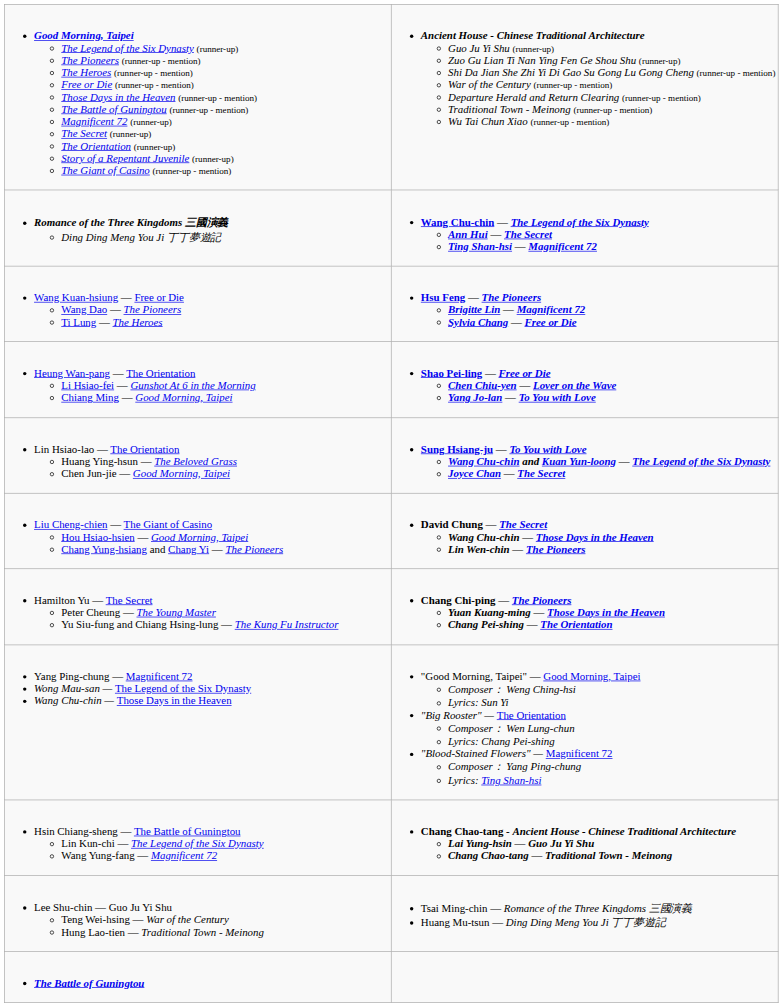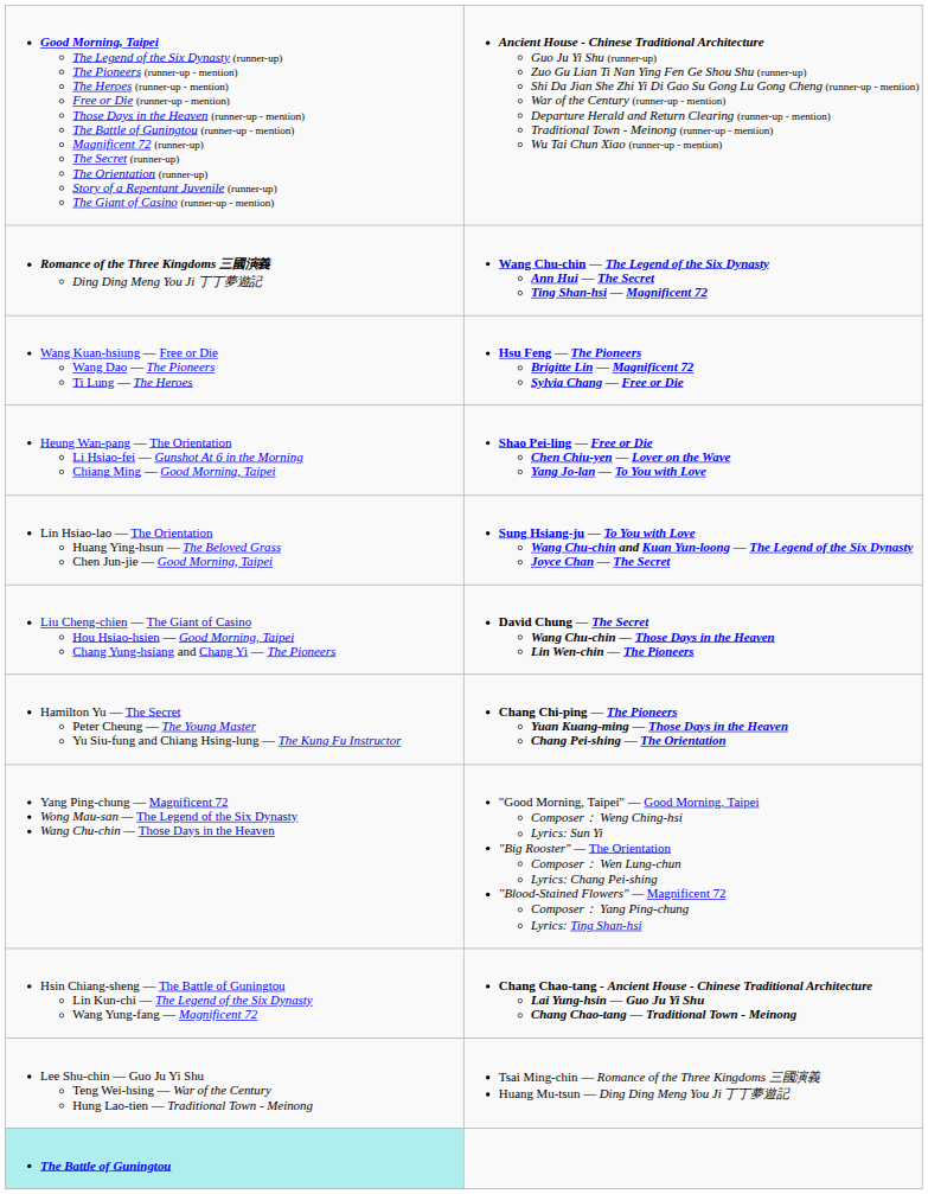 <table class=wikitable>
 <tr>
 <td valign="top" width="50%"><br><ul><li><strong><em><a href='#'>Good Morning, Taipei</a></em></strong><ul><li><em><a href='#'>The Legend of the Six Dynasty</a></em> <small>(runner-up)</small></li><li><em><a href='#'>The Pioneers</a></em> <small>(runner-up - mention)</small></li><li><em><a href='#'>The Heroes</a></em> <small>(runner-up - mention)</small></li><li><em><a href='#'>Free or Die</a></em> <small>(runner-up - mention)</small></li><li><em><a href='#'>Those Days in the Heaven</a></em> <small>(runner-up  - mention)</small></li><li><em><a href='#'>The Battle of Guningtou</a></em> <small>(runner-up  - mention)</small></li><li><em><a href='#'>Magnificent 72</a></em> <small>(runner-up)</small></li><li><em><a href='#'>The Secret</a></em> <small>(runner-up)</small></li><li><em><a href='#'>The Orientation</a></em> <small>(runner-up)</small></li><li><em><a href='#'>Story of a Repentant Juvenile</a></em> <small>(runner-up)</small></li><li><em><a href='#'>The Giant of Casino</a></em> <small>(runner-up - mention)</small></li></ul></li></ul></td>
 <td valign="top" width="50%"><br><ul><li><strong><em>Ancient House - Chinese Traditional Architecture</em></strong><ul><li><em>Guo Ju Yi Shu</em> <small>(runner-up)</small></li><li><em>Zuo Gu Lian Ti Nan Ying Fen Ge Shou Shu</em> <small>(runner-up)</small></li><li><em>Shi Da Jian She Zhi Yi Di Gao Su Gong Lu Gong Cheng</em> <small>(runner-up - mention)</small></li><li><em>War of the Century</em> <small>(runner-up - mention)</small></li><li><em>Departure Herald and Return Clearing</em> <small>(runner-up - mention)</small></li><li><em>Traditional Town - Meinong</em> <small>(runner-up - mention)</small></li><li><em>Wu Tai Chun Xiao</em> <small>(runner-up - mention)</small></li></ul></li></ul></td>
 </tr>
 <tr>
 <td valign="top" width="50%"><br><ul><li><strong><em>Romance of the Three Kingdoms 三國演義</em></strong><ul><li><em>Ding Ding Meng You Ji 丁丁夢遊記</em></li></ul></li></ul></td>
 <td valign="top" width="50%"><br><ul><li><strong><a href='#'>Wang Chu-chin</a> — <em><a href='#'>The Legend of the Six Dynasty</a><strong><em><ul><li><a href='#'>Ann Hui</a> — </em><a href='#'>The Secret</a><em></li><li><a href='#'>Ting Shan-hsi</a> — </em><a href='#'>Magnificent 72</a><em></li></ul></li></ul></td>
 </tr>
 <tr>
 <td valign="top" width="50%"><br><ul><li></strong><a href='#'>Wang Kuan-hsiung</a> — </em><a href='#'>Free or Die</a></em></strong><ul><li><a href='#'>Wang Dao</a> — <em><a href='#'>The Pioneers</a></em></li><li><a href='#'>Ti Lung</a> — <em><a href='#'>The Heroes</a></em></li></ul></li></ul></td>
 <td valign="top" width="50%"><br><ul><li><strong><a href='#'>Hsu Feng</a> — <em><a href='#'>The Pioneers</a><strong><em><ul><li><a href='#'>Brigitte Lin</a> — </em><a href='#'>Magnificent 72</a><em></li><li><a href='#'>Sylvia Chang</a> — </em><a href='#'>Free or Die</a><em></li></ul></li></ul></td>
 </tr>
 <tr>
 <td valign="top" width="50%"><br><ul><li></strong><a href='#'>Heung Wan-pang</a> — </em><a href='#'>The Orientation</a></em></strong><ul><li><a href='#'>Li Hsiao-fei</a> — <em><a href='#'>Gunshot At 6 in the Morning</a></em></li><li><a href='#'>Chiang Ming</a> — <em><a href='#'>Good Morning, Taipei</a></em></li></ul></li></ul></td>
 <td valign="top" width="50%"><br><ul><li><strong><a href='#'>Shao Pei-ling</a> — <em><a href='#'>Free or Die</a><strong><em><ul><li><a href='#'>Chen Chiu-yen</a> — </em><a href='#'>Lover on the Wave</a><em></li><li><a href='#'>Yang Jo-lan</a> — </em><a href='#'>To You with Love</a><em></li></ul></li></ul></td>
 </tr>
 <tr>
 <td valign="top" width="50%"><br><ul><li></strong>Lin Hsiao-lao — </em><a href='#'>The Orientation</a></em></strong><ul><li>Huang Ying-hsun — <em><a href='#'>The Beloved Grass</a></em></li><li>Chen Jun-jie — <em><a href='#'>Good Morning, Taipei</a></em></li></ul></li></ul></td>
 <td valign="top" width="50%"><br><ul><li><strong><a href='#'>Sung Hsiang-ju</a> — <em><a href='#'>To You with Love</a><strong><em><ul><li><a href='#'>Wang Chu-chin</a> and <a href='#'>Kuan Yun-loong</a> — </em><a href='#'>The Legend of the Six Dynasty</a><em></li><li><a href='#'>Joyce Chan</a>  — </em><a href='#'>The Secret</a><em></li></ul></li></ul></td>
 </tr>
 <tr>
 <td valign="top" width="50%"><br><ul><li></strong><a href='#'>Liu Cheng-chien</a> — </em><a href='#'>The Giant of Casino</a></em></strong><ul><li><a href='#'>Hou Hsiao-hsien</a>  — <em><a href='#'>Good Morning, Taipei</a></em></li><li><a href='#'>Chang Yung-hsiang</a> and <a href='#'>Chang Yi</a> — <em><a href='#'>The Pioneers</a></em></li></ul></li></ul></td>
 <td valign="top" width="50%"><br><ul><li><strong>David Chung — <em><a href='#'>The Secret</a><strong><em><ul><li>Wang Chu-chin — </em><a href='#'>Those Days in the Heaven</a><em></li><li>Lin Wen-chin — </em><a href='#'>The Pioneers</a><em></li></ul></li></ul></td>
 </tr>
 <tr>
 <td valign="top" width="50%"><br><ul><li></strong>Hamilton Yu — </em><a href='#'>The Secret</a></em></strong><ul><li>Peter Cheung — <em><a href='#'>The Young Master</a></em></li><li>Yu Siu-fung and Chiang Hsing-lung  — <em><a href='#'>The Kung Fu Instructor</a></em></li></ul></li></ul></td>
 <td valign="top" width="50%"><br><ul><li><strong>Chang Chi-ping — <em><a href='#'>The Pioneers</a><strong><em><ul><li>Yuan Kuang-ming — </em><a href='#'>Those Days in the Heaven</a><em></li><li>Chang Pei-shing — </em><a href='#'>The Orientation</a><em></li></ul></li></ul></td>
 </tr>
 <tr>
 <td valign="top" width="50%"><br><ul><li>Yang Ping-chung — </em><a href='#'>Magnificent 72</a><em></li><li>Wong Mau-san — </em><a href='#'>The Legend of the Six Dynasty</a><em></li><li>Wang Chu-chin — </em><a href='#'>Those Days in the Heaven</a><em></li></ul></td>
 <td valign="top" width="50%"><br><ul><li>"Good Morning, Taipei" — </em><a href='#'>Good Morning, Taipei</a><em><ul><li>Composer： Weng Ching-hsi</li><li>Lyrics: Sun Yi</li></ul></li><li>"Big Rooster" — </em><a href='#'>The Orientation</a><em><ul><li>Composer： Wen Lung-chun</li><li>Lyrics: Chang Pei-shing</li></ul></li><li>"Blood-Stained Flowers" — </em><a href='#'>Magnificent 72</a><em><ul><li>Composer： Yang Ping-chung</li><li>Lyrics: <a href='#'>Ting Shan-hsi</a></li></ul></li></ul></td>
 </tr>
 <tr>
 <td valign="top" width="50%"><br><ul><li></strong>Hsin Chiang-sheng  — </em><a href='#'>The Battle of Guningtou</a></em></strong><ul><li>Lin Kun-chi — <em><a href='#'>The Legend of the Six Dynasty</a></em></li><li>Wang Yung-fang — <em><a href='#'>Magnificent 72</a></em></li></ul></li></ul></td>
 <td valign="top" width="50%"><br><ul><li><strong>Chang Chao-tang - <em>Ancient House - Chinese Traditional Architecture<strong><em><ul><li>Lai Yung-hsin  — </em>Guo Ju Yi Shu<em></li><li>Chang Chao-tang  — </em>Traditional Town - Meinong<em></li></ul></li></ul></td>
 </tr>
 <tr>
 <td valign="top" width="50%"><br><ul><li></strong>Lee Shu-chin — </em>Guo Ju Yi Shu</em></strong><ul><li>Teng Wei-hsing — <em>War of the Century</em></li><li>Hung Lao-tien — <em>Traditional Town - Meinong</em></li></ul></li></ul></td>
 <td valign="top" width="50%"><br><ul><li>Tsai Ming-chin — <em>Romance of the Three Kingdoms 三國演義</em></li><li>Huang Mu-tsun  — <em>Ding Ding Meng You Ji 丁丁夢遊記</em></li></ul></td>
 </tr>
 <tr>
-<td valign="top" width="50%"><br><ul><li><strong><em><a href='#'>The Battle of Guningtou</a></em></strong></li></ul></td>
+<td valign="top" width="50%" style="background: paleturquoise;"><br><ul><li><strong><em><a href='#'>The Battle of Guningtou</a></em></strong></li></ul></td>
 </tr>
 </table>
